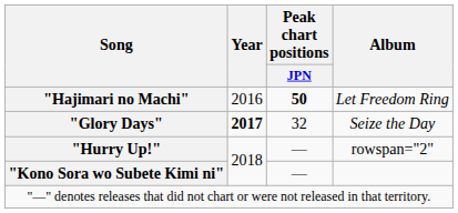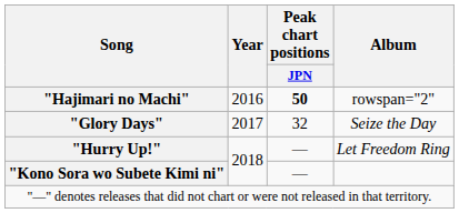 <table class="wikitable plainrowheaders" style="text-align:center;">
 <tr>
 <th scope="col" rowspan="2">Song</th>
 <th scope="col" rowspan="2">Year</th>
 <th scope="col" colspan="1">Peak chart positions</th>
 <th scope="col" rowspan="2">Album</th>
 </tr>
 <tr>
 <th style="width:3em;font-size:85%"><a href='#'>JPN</a></th>
 </tr>
 <tr>
 <th scope="row">"Hajimari no Machi"</th>
 <td>2016</td>
 <td><strong>50</strong></td>
-<td><em>Let Freedom Ring</em></td>
+<td>rowspan="2" </td>
 </tr>
 <tr>
 <th scope="row">"Glory Days"</th>
-<td><strong>2017</strong></td>
+<td>2017</td>
 <td>32</td>
 <td><em>Seize the Day</em></td>
 </tr>
 <tr>
 <th scope="row">"Hurry Up!" <br></th>
 <td rowspan="2">2018</td>
 <td>—</td>
-<td>rowspan="2" </td>
+<td><em>Let Freedom Ring</em></td>
 </tr>
 <tr>
 <th scope="row">"Kono Sora wo Subete Kimi ni"</th>
 <td>—</td>
 </tr>
 <tr>
 <td colspan="14" style="text-align:center; font-size:85%">"—" denotes releases that did not chart or were not released in that territory.</td>
 </tr>
 </table>
